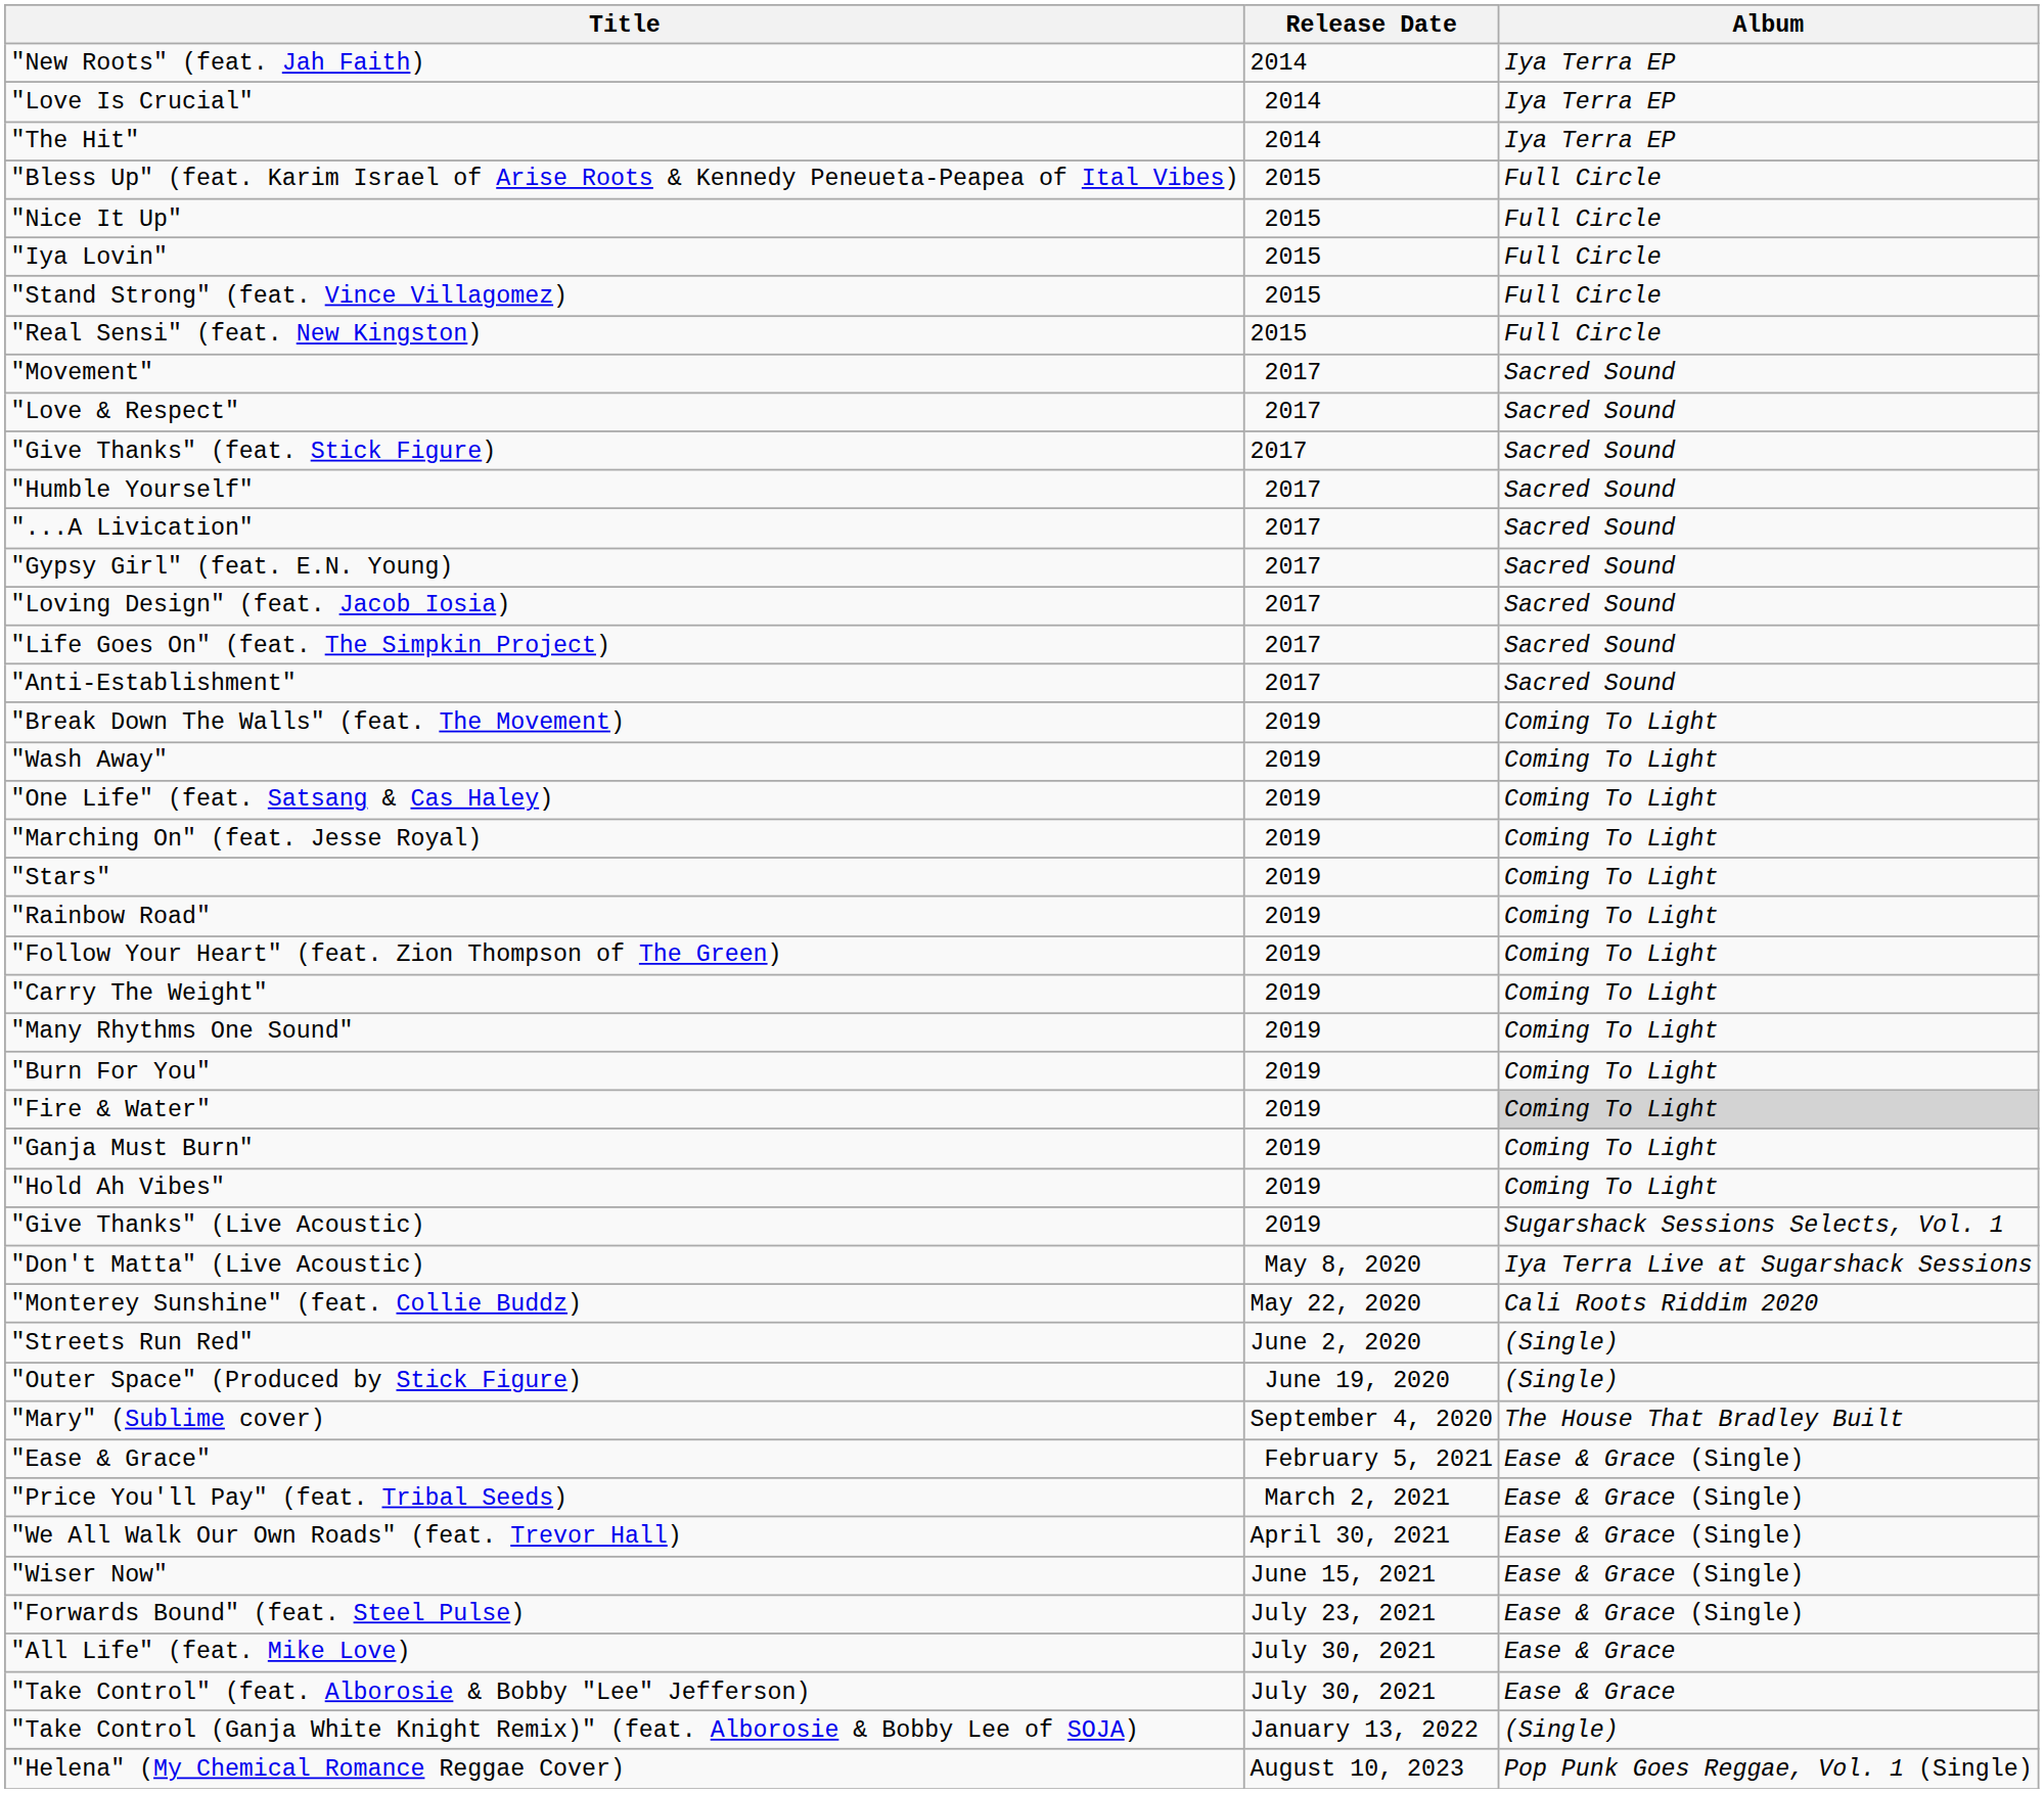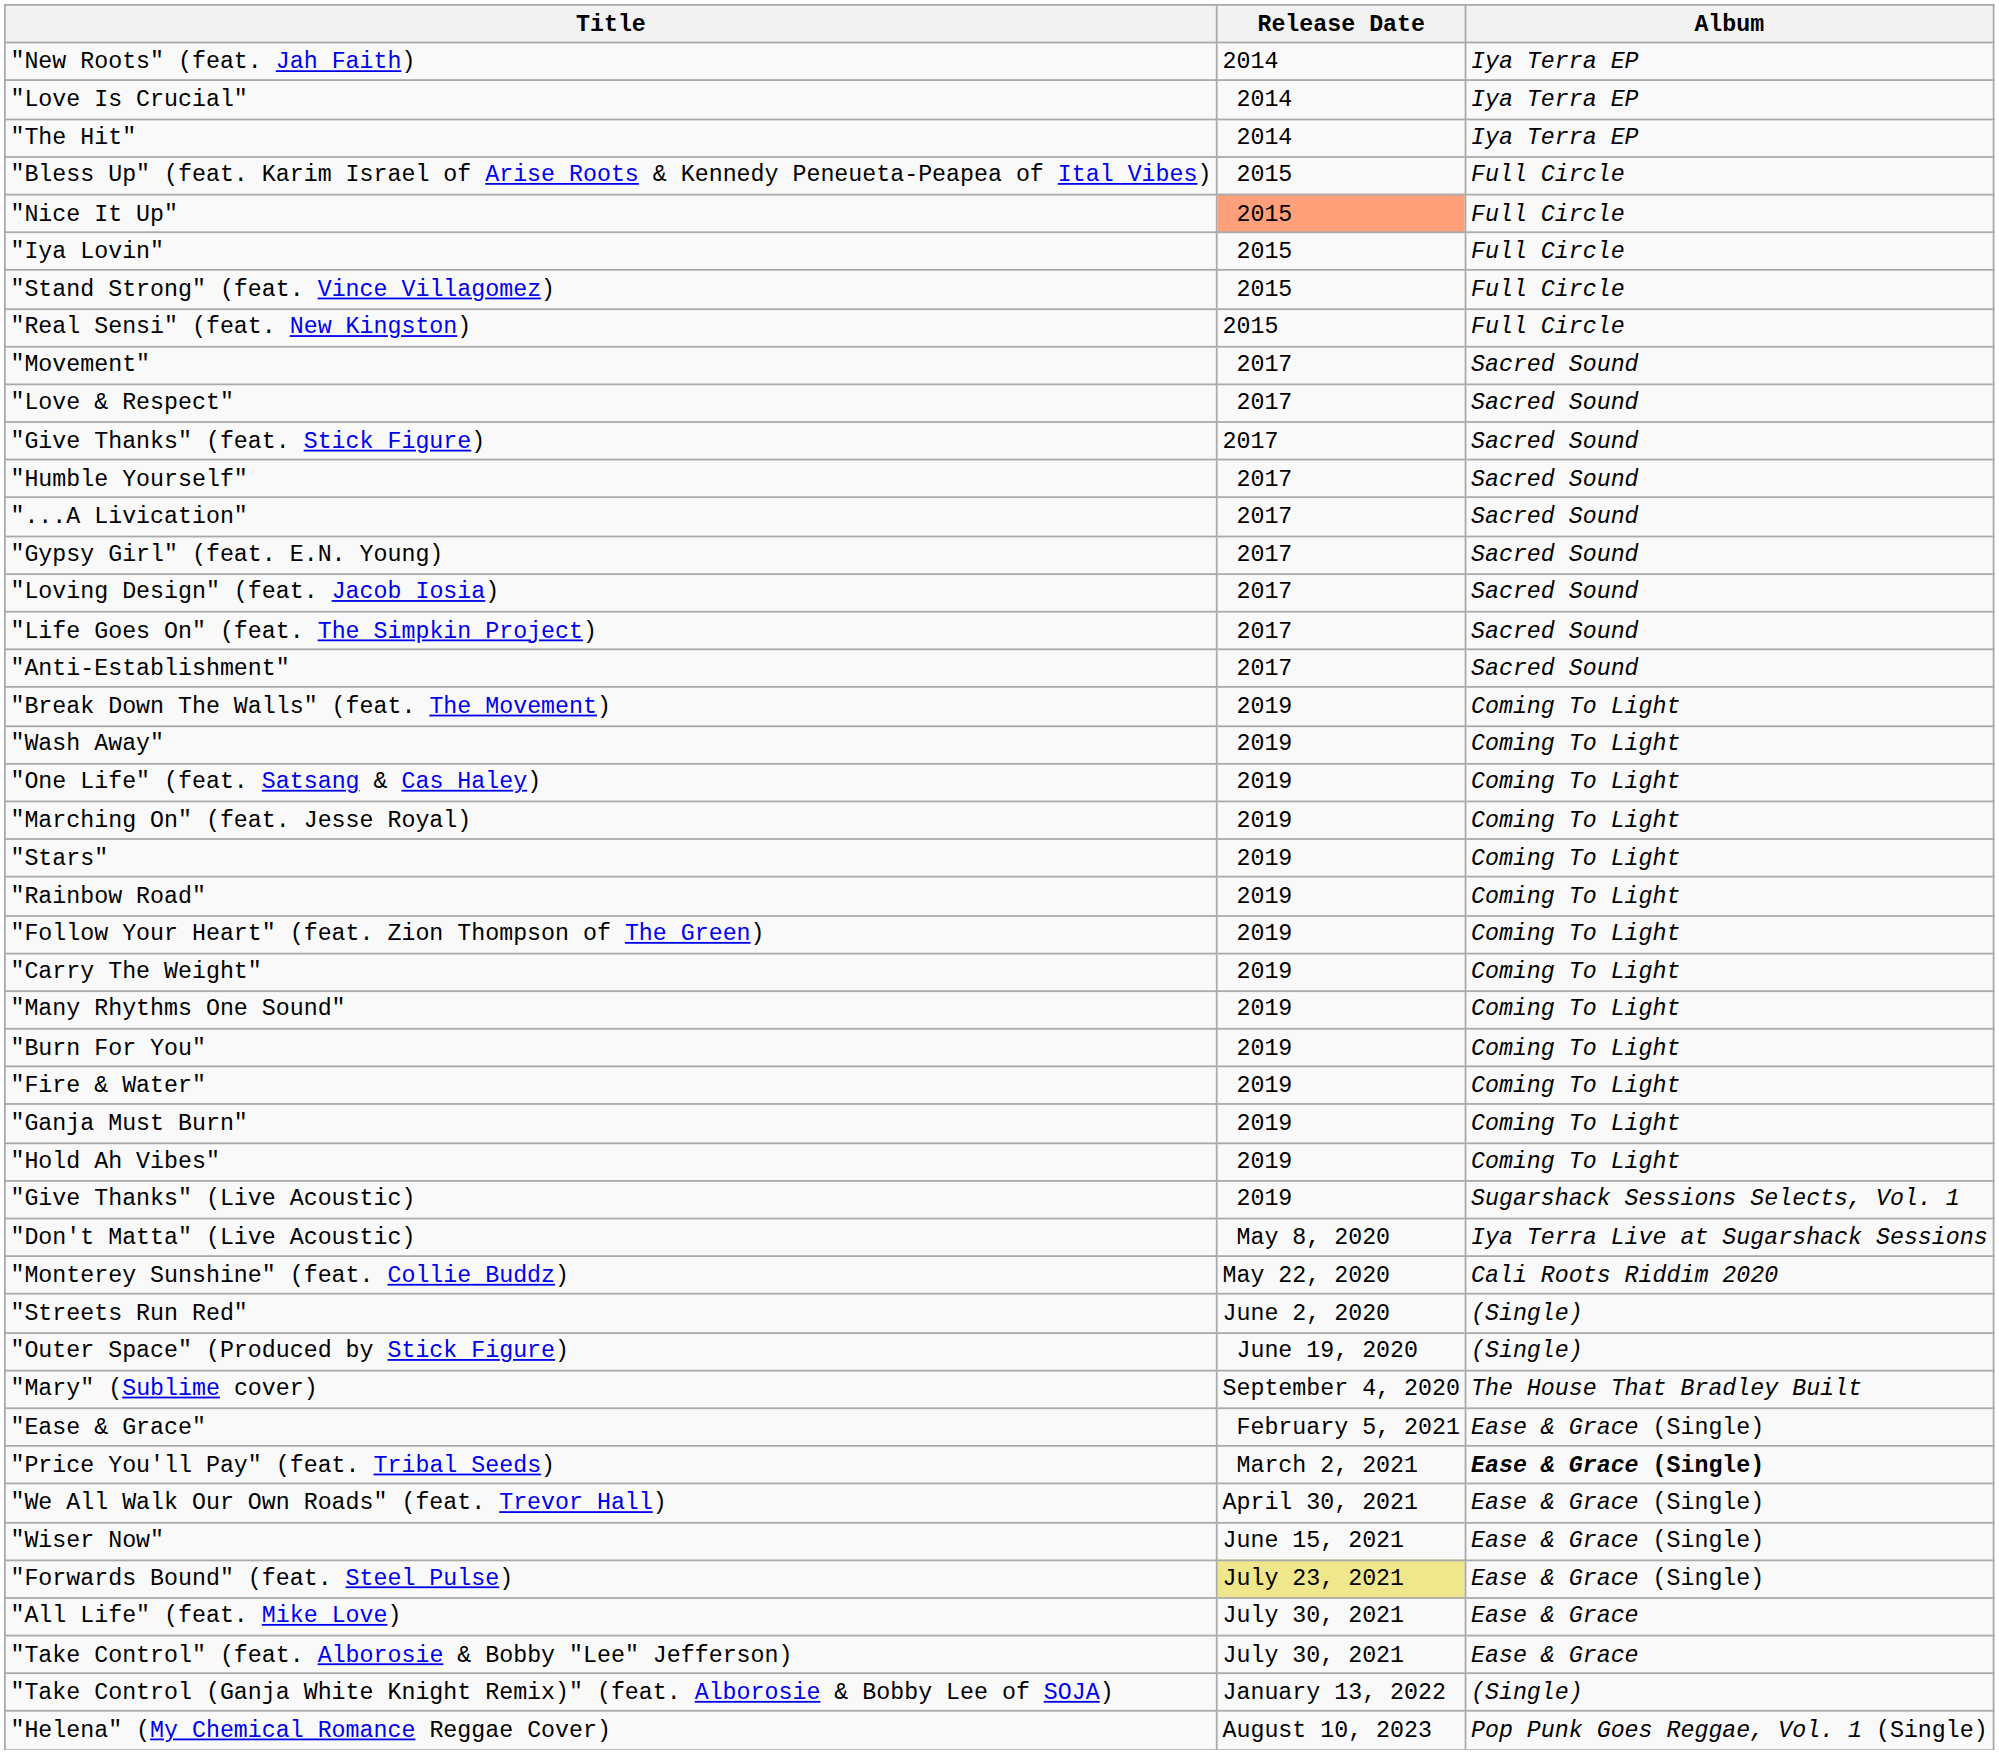 <table class="wikitable">
 <tr>
 <th>Title</th>
 <th>Release Date</th>
 <th>Album</th>
 </tr>
 <tr>
 <td>"New Roots" (feat. <a href='#'>Jah Faith</a>)</td>
 <td>2014</td>
 <td><em>Iya Terra EP</em></td>
 </tr>
 <tr>
 <td>"Love Is Crucial"</td>
 <td> 2014</td>
 <td><em>Iya Terra EP</em></td>
 </tr>
 <tr>
 <td>"The Hit"</td>
 <td> 2014</td>
 <td><em>Iya Terra EP</em></td>
 </tr>
 <tr>
 <td>"Bless Up" (feat. Karim Israel of <a href='#'>Arise Roots</a> & Kennedy Peneueta-Peapea of <a href='#'>Ital Vibes</a>)</td>
 <td> 2015</td>
 <td><em>Full Circle</em></td>
 </tr>
 <tr>
 <td>"Nice It Up"</td>
-<td> 2015</td>
+<td style="background: lightsalmon;"> 2015</td>
 <td><em>Full Circle</em></td>
 </tr>
 <tr>
 <td>"Iya Lovin"</td>
 <td> 2015</td>
 <td><em>Full Circle</em></td>
 </tr>
 <tr>
 <td>"Stand Strong" (feat. <a href='#'>Vince Villagomez</a>)</td>
 <td> 2015</td>
 <td><em>Full Circle</em></td>
 </tr>
 <tr>
 <td>"Real Sensi" (feat. <a href='#'>New Kingston</a>)</td>
 <td>2015</td>
 <td><em>Full Circle</em></td>
 </tr>
 <tr>
 <td>"Movement"</td>
 <td> 2017</td>
 <td><em>Sacred Sound</em></td>
 </tr>
 <tr>
 <td>"Love & Respect"</td>
 <td> 2017</td>
 <td><em>Sacred Sound</em></td>
 </tr>
 <tr>
 <td>"Give Thanks" (feat. <a href='#'>Stick Figure</a>)</td>
 <td>2017</td>
 <td><em>Sacred Sound</em></td>
 </tr>
 <tr>
 <td>"Humble Yourself"</td>
 <td> 2017</td>
 <td><em>Sacred Sound</em></td>
 </tr>
 <tr>
 <td>"...A Livication"</td>
 <td> 2017</td>
 <td><em>Sacred Sound</em></td>
 </tr>
 <tr>
 <td>"Gypsy Girl" (feat. E.N. Young)</td>
 <td> 2017</td>
 <td><em>Sacred Sound</em></td>
 </tr>
 <tr>
 <td>"Loving Design" (feat. <a href='#'>Jacob Iosia</a>)</td>
 <td> 2017</td>
 <td><em>Sacred Sound</em></td>
 </tr>
 <tr>
 <td>"Life Goes On" (feat. <a href='#'>The Simpkin Project</a>)</td>
 <td> 2017</td>
 <td><em>Sacred Sound</em></td>
 </tr>
 <tr>
 <td>"Anti-Establishment"</td>
 <td> 2017</td>
 <td><em>Sacred Sound</em></td>
 </tr>
 <tr>
 <td>"Break Down The Walls" (feat. <a href='#'>The Movement</a>)</td>
 <td> 2019</td>
 <td><em>Coming To Light</em></td>
 </tr>
 <tr>
 <td>"Wash Away"</td>
 <td> 2019</td>
 <td><em>Coming To Light</em></td>
 </tr>
 <tr>
 <td>"One Life" (feat. <a href='#'>Satsang</a> & <a href='#'>Cas Haley</a>)</td>
 <td> 2019</td>
 <td><em>Coming To Light</em></td>
 </tr>
 <tr>
 <td>"Marching On" (feat. Jesse Royal)</td>
 <td> 2019</td>
 <td><em>Coming To Light</em></td>
 </tr>
 <tr>
 <td>"Stars"</td>
 <td> 2019</td>
 <td><em>Coming To Light</em></td>
 </tr>
 <tr>
 <td>"Rainbow Road"</td>
 <td> 2019</td>
 <td><em>Coming To Light</em></td>
 </tr>
 <tr>
 <td>"Follow Your Heart" (feat. Zion Thompson of <a href='#'>The Green</a>)</td>
 <td> 2019</td>
 <td><em>Coming To Light</em></td>
 </tr>
 <tr>
 <td>"Carry The Weight"</td>
 <td> 2019</td>
 <td><em>Coming To Light</em></td>
 </tr>
 <tr>
 <td>"Many Rhythms One Sound"</td>
 <td> 2019</td>
 <td><em>Coming To Light</em></td>
 </tr>
 <tr>
 <td>"Burn For You"</td>
 <td> 2019</td>
 <td><em>Coming To Light</em></td>
 </tr>
 <tr>
 <td>"Fire & Water"</td>
 <td> 2019</td>
-<td style="background: lightgrey;"><em>Coming To Light</em></td>
+<td><em>Coming To Light</em></td>
 </tr>
 <tr>
 <td>"Ganja Must Burn"</td>
 <td> 2019</td>
 <td><em>Coming To Light</em></td>
 </tr>
 <tr>
 <td>"Hold Ah Vibes"</td>
 <td> 2019</td>
 <td><em>Coming To Light</em></td>
 </tr>
 <tr>
 <td>"Give Thanks" (Live Acoustic)</td>
 <td> 2019</td>
 <td><em>Sugarshack Sessions Selects, Vol. 1</em></td>
 </tr>
 <tr>
 <td>"Don't Matta" (Live Acoustic)</td>
 <td> May 8, 2020</td>
 <td><em>Iya Terra Live at Sugarshack Sessions</em></td>
 </tr>
 <tr>
 <td>"Monterey Sunshine" (feat. <a href='#'>Collie Buddz</a>)</td>
 <td>May 22, 2020</td>
 <td><em>Cali Roots Riddim 2020</em></td>
 </tr>
 <tr>
 <td>"Streets Run Red"</td>
 <td>June 2, 2020</td>
 <td><em>(Single)</em></td>
 </tr>
 <tr>
 <td>"Outer Space" (Produced by <a href='#'>Stick Figure</a>)</td>
 <td> June 19, 2020</td>
 <td><em>(Single)</em></td>
 </tr>
 <tr>
 <td>"Mary" (<a href='#'>Sublime</a> cover)</td>
 <td>September 4, 2020</td>
 <td><em>The House That Bradley Built</em></td>
 </tr>
 <tr>
 <td>"Ease & Grace"</td>
 <td> February 5, 2021</td>
 <td><em>Ease & Grace</em> (Single)</td>
 </tr>
 <tr>
 <td>"Price You'll Pay" (feat. <a href='#'>Tribal Seeds</a>)</td>
 <td> March 2, 2021</td>
-<td><em>Ease & Grace</em> (Single)</td>
+<td><strong><em>Ease & Grace</em> (Single)</strong></td>
 </tr>
 <tr>
 <td>"We All Walk Our Own Roads" (feat. <a href='#'>Trevor Hall</a>)</td>
 <td>April 30, 2021</td>
 <td><em>Ease & Grace</em> (Single)</td>
 </tr>
 <tr>
 <td>"Wiser Now"</td>
 <td>June 15, 2021</td>
 <td><em>Ease & Grace</em> (Single)</td>
 </tr>
 <tr>
 <td>"Forwards Bound" (feat. <a href='#'>Steel Pulse</a>)</td>
-<td>July 23, 2021</td>
+<td style="background: khaki;">July 23, 2021</td>
 <td><em>Ease & Grace</em> (Single)</td>
 </tr>
 <tr>
 <td>"All Life" (feat. <a href='#'>Mike Love</a>)</td>
 <td>July 30, 2021</td>
 <td><em>Ease & Grace</em></td>
 </tr>
 <tr>
 <td>"Take Control" (feat. <a href='#'>Alborosie</a> & Bobby "Lee" Jefferson)</td>
 <td>July 30, 2021</td>
 <td><em>Ease & Grace</em></td>
 </tr>
 <tr>
 <td>"Take Control (Ganja White Knight Remix)" (feat. <a href='#'>Alborosie</a> & Bobby Lee of <a href='#'>SOJA</a>)</td>
 <td>January 13, 2022</td>
 <td><em>(Single)</em></td>
 </tr>
 <tr>
 <td>"Helena" (<a href='#'>My Chemical Romance</a> Reggae Cover)</td>
 <td>August 10, 2023</td>
 <td><em>Pop Punk Goes Reggae, Vol. 1</em> (Single)</td>
 </tr>
 </table>
